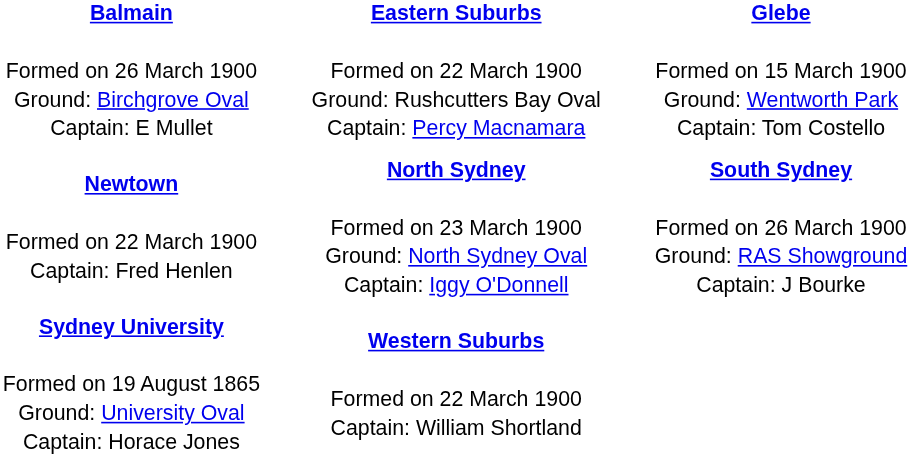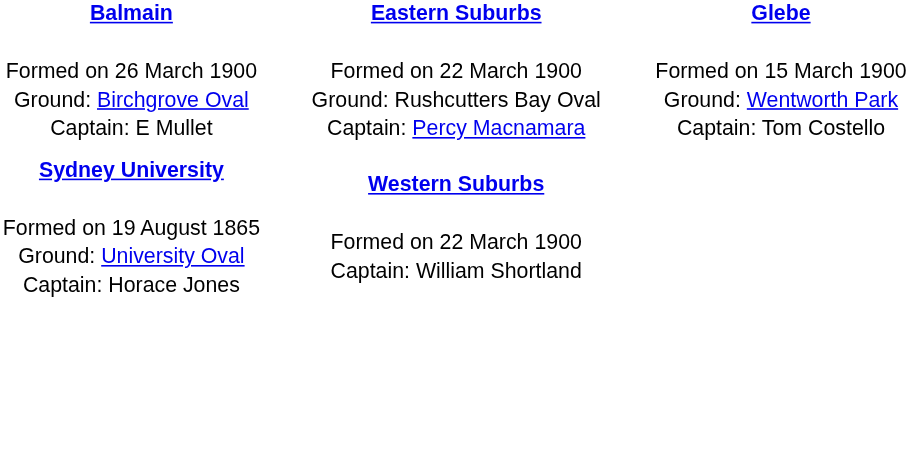 <table class="toccolours" align="center" style="text-valign: center;" cellpadding="3" cellspacing="2">
 <tr>
 <th width="195"></th>
 <th width="195"></th>
 <th width="195"></th>
 </tr>
 <tr>
 <td align="center"><strong><small><a href='#'>Balmain</a></small></strong><br><br><small>Formed on 26 March 1900</small><br> <small>Ground: <a href='#'>Birchgrove Oval</a></small><br> <small>Captain: E Mullet</small></td>
 <td align="center"><strong><small><a href='#'>Eastern Suburbs</a></small></strong><br><br><small>Formed on 22 March 1900</small><br> <small>Ground: Rushcutters Bay Oval</small><br> <small>Captain: <a href='#'>Percy Macnamara</a></small></td>
 <td align="center"><strong><small><a href='#'>Glebe</a></small></strong><br><br><small>Formed on 15 March 1900</small><br> <small>Ground: <a href='#'>Wentworth Park</a></small><br> <small>Captain: Tom Costello</small></td>
 </tr>
 <tr>
-<td align="center"><strong><small><a href='#'>Newtown</a></small></strong><br><br><small>Formed on 22 March 1900</small><br> <small>Captain: Fred Henlen</small></td>
-<td align="center"><strong><small><a href='#'>North Sydney</a></small></strong><br><br><small>Formed on 23 March 1900</small><br> <small>Ground: <a href='#'>North Sydney Oval</a></small><br> <small>Captain: <a href='#'>Iggy O'Donnell</a></small></td>
-<td align="center"><strong><small><a href='#'>South Sydney</a></small></strong><br><br><small>Formed on 26 March 1900</small><br> <small>Ground: <a href='#'>RAS Showground</a></small><br> <small>Captain: J Bourke</small></td>
-</tr>
-<tr>
 <td align="center"><strong><small><a href='#'>Sydney University</a></small></strong><br><br><small>Formed on 19 August 1865</small><br> <small>Ground: <a href='#'>University Oval</a></small><br> <small>Captain: Horace Jones</small></td>
 <td align="center"><strong><small><a href='#'>Western Suburbs</a></small></strong><br><br><small>Formed on 22 March 1900</small><br> <small>Captain: William Shortland</small></td>
 <td></td>
 </tr>
 </table>
